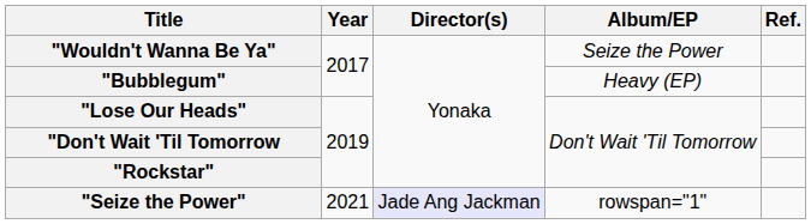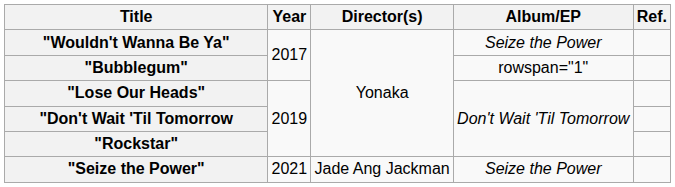 <table class="wikitable plainrowheaders" style="text-align:center;">
 <tr>
 <th scope="col" style="width:16em;">Title</th>
 <th scope="col">Year</th>
 <th scope="col">Director(s)</th>
 <th>Album/EP</th>
 <th scope="col">Ref.</th>
 </tr>
 <tr>
 <th scope="row">"Wouldn't Wanna Be Ya"</th>
 <td rowspan="2">2017</td>
 <td rowspan="5">Yonaka</td>
 <td><em>Seize the Power</em></td>
 <td align="center"></td>
 </tr>
 <tr>
 <th scope="row">"Bubblegum"</th>
-<td><em>Heavy (EP)</em></td>
+<td>rowspan="1" </td>
 <td align="center"></td>
 </tr>
 <tr>
 <th scope="row">"Lose Our Heads"</th>
 <td rowspan="3">2019</td>
 <td rowspan="3"><em>Don't Wait 'Til Tomorrow</em></td>
 <td align="center"></td>
 </tr>
 <tr>
 <th scope="row">"Don't Wait 'Til Tomorrow</th>
 <td align="center"></td>
 </tr>
 <tr>
 <th scope="row">"Rockstar"</th>
 <td align="center"></td>
 </tr>
 <tr>
 <th scope="row">"Seize the Power"</th>
 <td>2021</td>
-<td style="background: lavender;">Jade Ang Jackman</td>
-<td>rowspan="1" </td>
+<td>Jade Ang Jackman</td>
+<td><em>Seize the Power</em></td>
 <td align="center"></td>
 </tr>
 </table>
